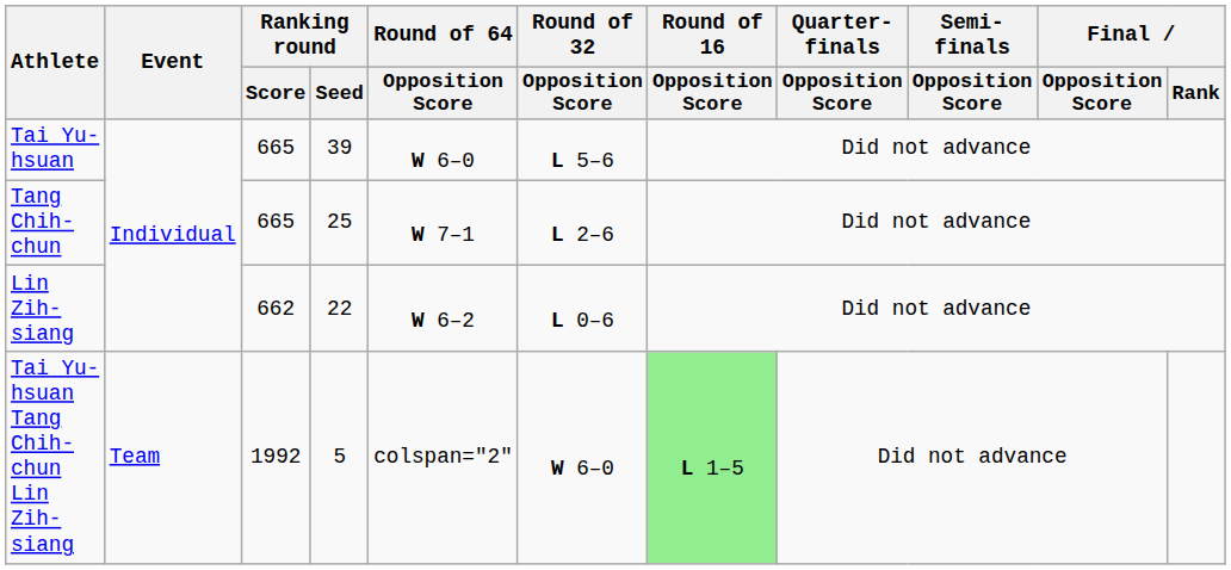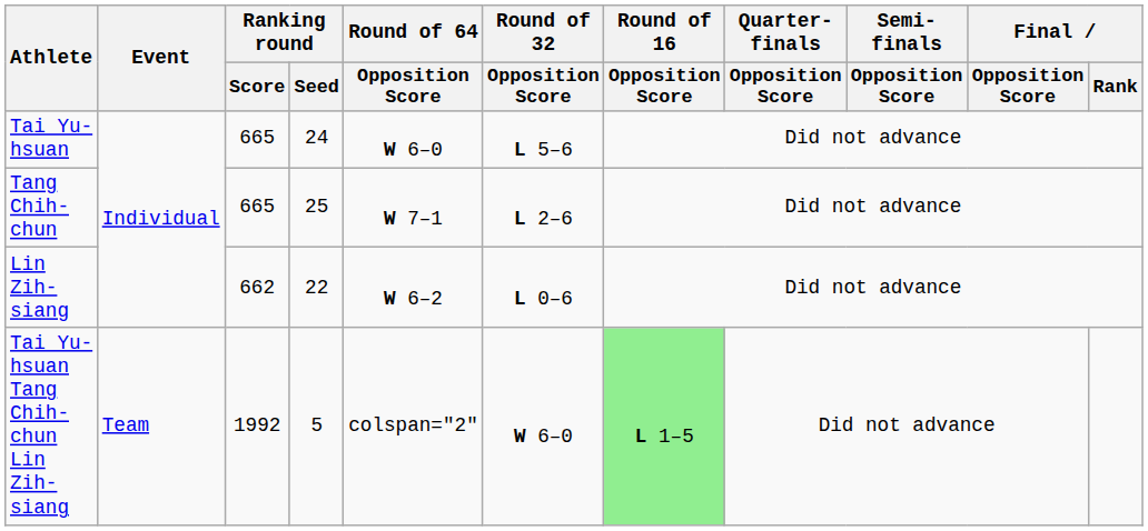 <table class="wikitable" style="font-size:90%; text-align:center">
 <tr>
 <th rowspan="2">Athlete</th>
 <th rowspan="2">Event</th>
 <th colspan="2">Ranking round</th>
 <th>Round of 64</th>
 <th>Round of 32</th>
 <th>Round of 16</th>
 <th>Quarter-finals</th>
 <th>Semi-finals</th>
 <th colspan="2">Final / </th>
 </tr>
 <tr style="font-size:95%">
 <th>Score</th>
 <th>Seed</th>
 <th>Opposition<br>Score</th>
 <th>Opposition<br>Score</th>
 <th>Opposition<br>Score</th>
 <th>Opposition<br>Score</th>
 <th>Opposition<br>Score</th>
 <th>Opposition<br>Score</th>
 <th>Rank</th>
 </tr>
 <tr>
 <td align="left"><a href='#'>Tai Yu-hsuan</a></td>
 <td align="left" rowspan="3"><a href='#'>Individual</a></td>
 <td>665</td>
-<td>39</td>
+<td>24</td>
 <td><br><strong>W</strong> 6–0</td>
 <td><br><strong>L</strong> 5–6</td>
 <td colspan="5">Did not advance</td>
 </tr>
 <tr>
 <td align="left"><a href='#'>Tang Chih-chun</a></td>
 <td>665</td>
 <td>25</td>
 <td><br><strong>W</strong> 7–1</td>
 <td><br><strong>L</strong> 2–6</td>
 <td colspan="5">Did not advance</td>
 </tr>
 <tr>
 <td align="left"><a href='#'>Lin Zih-siang</a></td>
 <td>662</td>
 <td>22</td>
 <td><br><strong>W</strong> 6–2</td>
 <td><br><strong>L</strong> 0–6</td>
 <td colspan="5">Did not advance</td>
 </tr>
 <tr>
 <td align="left"><a href='#'>Tai Yu-hsuan</a><br><a href='#'>Tang Chih-chun</a><br><a href='#'>Lin Zih-siang</a></td>
 <td align="left"><a href='#'>Team</a></td>
 <td>1992</td>
 <td>5</td>
 <td>colspan="2" </td>
 <td><br><strong>W</strong> 6–0</td>
 <td style="background: lightgreen;"><br><strong>L</strong> 1–5</td>
 <td colspan="3">Did not advance</td>
 </tr>
 </table>
